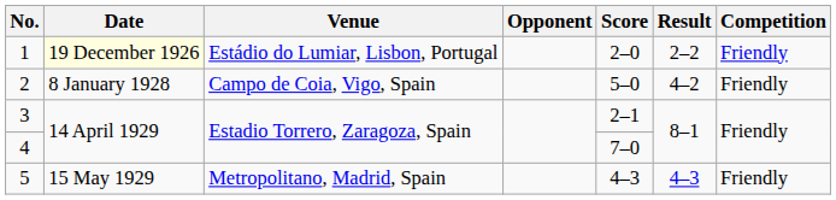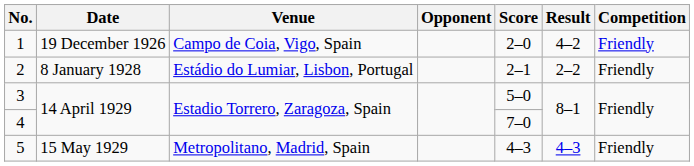 <table class="wikitable sortable">
 <tr>
 <th scope="col">No.</th>
 <th scope="col">Date</th>
 <th scope="col">Venue</th>
 <th scope="col">Opponent</th>
 <th scope="col">Score</th>
 <th scope="col">Result</th>
 <th scope="col">Competition</th>
 </tr>
 <tr>
 <td style="text-align:center">1</td>
-<td style="background: lightyellow;">19 December 1926</td>
-<td><a href='#'>Estádio do Lumiar</a>, <a href='#'>Lisbon</a>, Portugal</td>
+<td>19 December 1926</td>
+<td><a href='#'>Campo de Coia</a>, <a href='#'>Vigo</a>, Spain</td>
 <td></td>
 <td style="text-align:center">2–0</td>
-<td style="text-align:center">2–2</td>
+<td style="text-align:center">4–2</td>
 <td><a href='#'>Friendly</a></td>
 </tr>
 <tr>
 <td style="text-align:center">2</td>
 <td>8 January 1928</td>
-<td><a href='#'>Campo de Coia</a>, <a href='#'>Vigo</a>, Spain</td>
+<td><a href='#'>Estádio do Lumiar</a>, <a href='#'>Lisbon</a>, Portugal</td>
 <td></td>
-<td style="text-align:center">5–0</td>
-<td style="text-align:center">4–2</td>
+<td style="text-align:center">2–1</td>
+<td style="text-align:center">2–2</td>
 <td>Friendly</td>
 </tr>
 <tr>
 <td style="text-align:center">3</td>
 <td rowspan="2">14 April 1929</td>
 <td rowspan="2"><a href='#'>Estadio Torrero</a>, <a href='#'>Zaragoza</a>, Spain</td>
 <td rowspan="2"></td>
-<td style="text-align:center">2–1</td>
+<td style="text-align:center">5–0</td>
 <td rowspan="2" style="text-align:center">8–1</td>
 <td rowspan="2">Friendly</td>
 </tr>
 <tr>
 <td style="text-align:center">4</td>
 <td style="text-align:center">7–0</td>
 </tr>
 <tr>
 <td style="text-align:center">5</td>
 <td>15 May 1929</td>
 <td><a href='#'>Metropolitano</a>, <a href='#'>Madrid</a>, Spain</td>
 <td></td>
 <td style="text-align:center">4–3</td>
 <td style="text-align:center"><a href='#'>4–3</a></td>
 <td>Friendly</td>
 </tr>
 </table>
